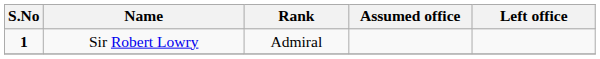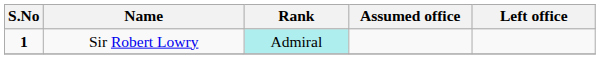 <table class="wikitable sortable" style="text-align:center">
 <tr style="background:#cccccc">
 <th scope="col" style="width: 10px;">S.No</th>
 <th scope="col" style="width: 200px;">Name</th>
 <th scope="col" style="width: 100px;">Rank</th>
 <th scope="col" style="width: 120px;">Assumed office</th>
 <th scope="col" style="width: 120px;">Left office</th>
 </tr>
 <tr>
 <td><strong>1</strong></td>
 <td>Sir <a href='#'>Robert Lowry</a></td>
-<td>Admiral</td>
+<td style="background: paleturquoise;">Admiral</td>
 <td></td>
 <td></td>
 </tr>
 <tr>
 </tr>
 </table>
